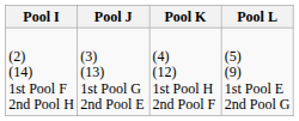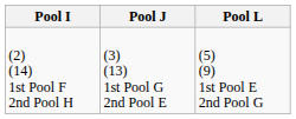 <table class="wikitable">
 <tr>
 <th width=25%>Pool I</th>
 <th width=25%>Pool J</th>
-<th width=25%>Pool K</th>
 <th width=25%>Pool L</th>
 </tr>
 <tr>
 <td><br> (2)<br>  (14)<br> 1st Pool F<br> 2nd Pool H</td>
 <td><br> (3)<br>  (13)<br> 1st Pool G<br> 2nd Pool E</td>
-<td><br> (4)<br>  (12)<br> 1st Pool H<br> 2nd Pool F</td>
 <td><br> (5)<br>  (9)<br> 1st Pool E<br> 2nd Pool G</td>
 </tr>
 </table>
